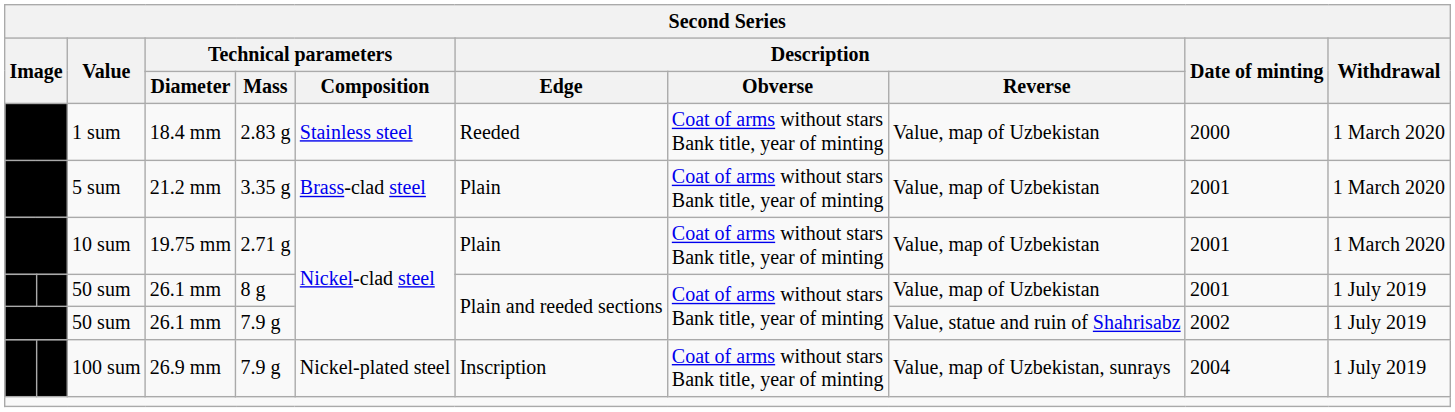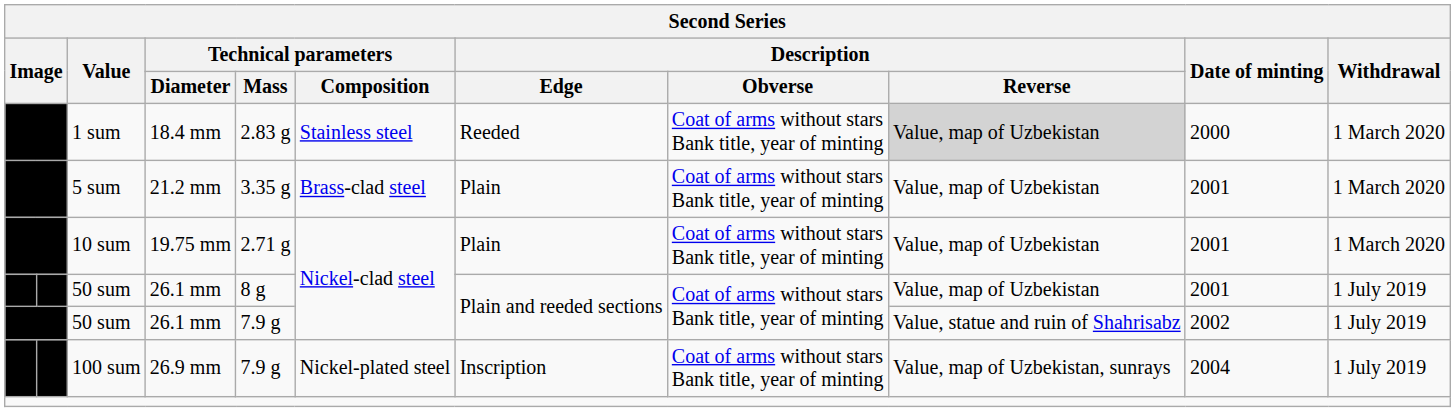 <table class="wikitable" style="font-size: 90%">
 <tr>
 <th colspan="12">Second Series</th>
 </tr>
 <tr>
 <th colspan="2" rowspan="2">Image</th>
 <th rowspan="2">Value</th>
 <th colspan="3">Technical parameters</th>
 <th colspan="3">Description</th>
 <th rowspan="2">Date of minting</th>
 <th rowspan="2">Withdrawal</th>
 </tr>
 <tr>
 <th>Diameter</th>
 <th>Mass</th>
 <th>Composition</th>
 <th>Edge</th>
 <th>Obverse</th>
 <th>Reverse</th>
 </tr>
 <tr>
 <td colspan="2" align="center" bgcolor="#000000"></td>
 <td>1 sum</td>
 <td>18.4 mm</td>
 <td>2.83 g</td>
 <td><a href='#'>Stainless steel</a></td>
 <td>Reeded</td>
 <td><a href='#'>Coat of arms</a> without stars<br>Bank title, year of minting</td>
-<td>Value, map of Uzbekistan</td>
+<td style="background: lightgrey;">Value, map of Uzbekistan</td>
 <td>2000</td>
 <td>1 March 2020</td>
 </tr>
 <tr>
 <td colspan="2" align="center" bgcolor="#000000"></td>
 <td>5 sum</td>
 <td>21.2 mm</td>
 <td>3.35 g</td>
 <td><a href='#'>Brass</a>-clad <a href='#'>steel</a></td>
 <td>Plain</td>
 <td><a href='#'>Coat of arms</a> without stars<br>Bank title, year of minting</td>
 <td>Value, map of Uzbekistan</td>
 <td>2001</td>
 <td>1 March 2020</td>
 </tr>
 <tr>
 <td colspan="2" align="center" bgcolor="#000000"></td>
 <td>10 sum</td>
 <td>19.75 mm</td>
 <td>2.71 g</td>
 <td rowspan="3"><a href='#'>Nickel</a>-clad <a href='#'>steel</a></td>
 <td>Plain</td>
 <td><a href='#'>Coat of arms</a> without stars<br>Bank title, year of minting</td>
 <td>Value, map of Uzbekistan</td>
 <td>2001</td>
 <td>1 March 2020</td>
 </tr>
 <tr>
 <td align="center" bgcolor="#000000"></td>
 <td align="center" bgcolor="#000000"></td>
 <td>50 sum</td>
 <td>26.1 mm</td>
 <td>8 g</td>
 <td rowspan="2">Plain and reeded sections</td>
 <td rowspan="2"><a href='#'>Coat of arms</a> without stars<br>Bank title, year of minting</td>
 <td>Value, map of Uzbekistan</td>
 <td>2001</td>
 <td>1 July 2019</td>
 </tr>
 <tr>
 <td colspan="2" align="center" bgcolor="#000000"></td>
 <td>50 sum</td>
 <td>26.1 mm</td>
 <td>7.9 g</td>
 <td>Value, statue and ruin of <a href='#'>Shahrisabz</a></td>
 <td>2002</td>
 <td>1 July 2019</td>
 </tr>
 <tr>
 <td align="center" bgcolor="#000000"></td>
 <td align="center" bgcolor="#000000"></td>
 <td>100 sum</td>
 <td>26.9 mm</td>
 <td>7.9 g</td>
 <td>Nickel-plated steel</td>
 <td>Inscription</td>
 <td><a href='#'>Coat of arms</a> without stars<br>Bank title, year of minting</td>
 <td>Value, map of Uzbekistan, sunrays</td>
 <td>2004</td>
 <td>1 July 2019</td>
 </tr>
 <tr>
 <td colspan="11"></td>
 </tr>
 </table>
